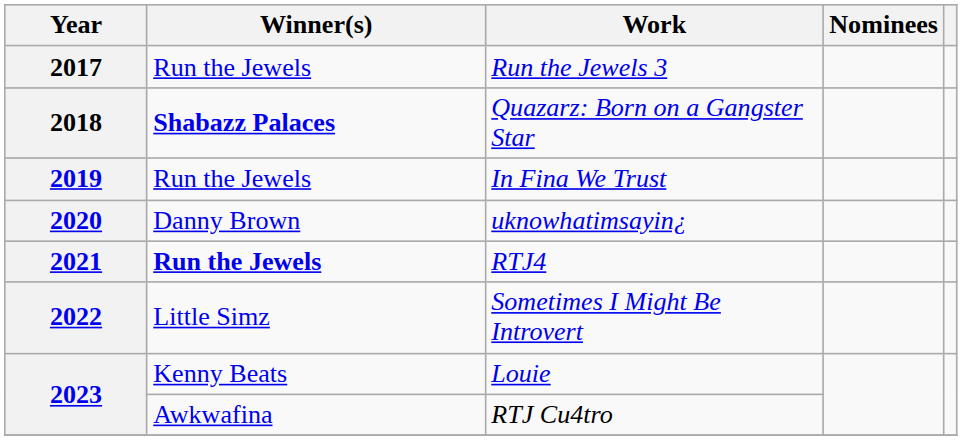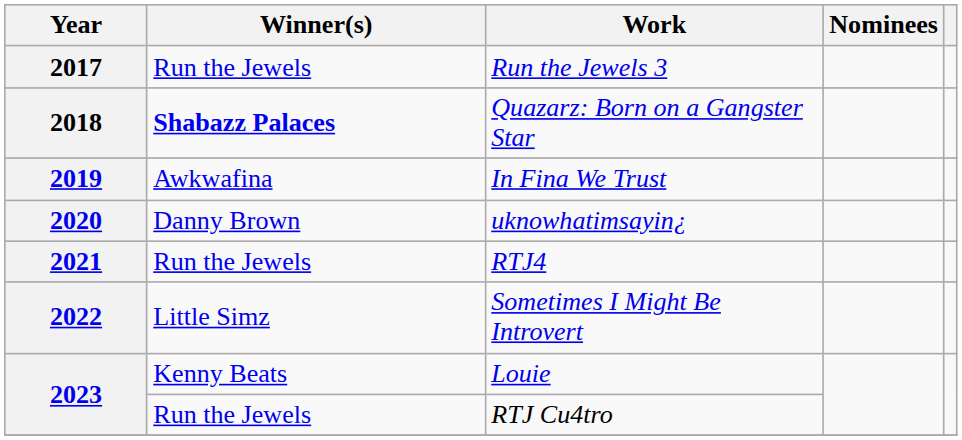 <table class="wikitable sortable">
 <tr>
 <th scope="col" style="width:5em;">Year</th>
 <th scope="col" style="width:200px;">Winner(s)</th>
 <th scope="col" style="width:200px;">Work</th>
 <th scope="col" class="unsortable">Nominees</th>
 <th scope="col" class="unsortable"></th>
 </tr>
 <tr>
 <th scope="row">2017</th>
 <td><a href='#'>Run the Jewels</a></td>
 <td><em><a href='#'>Run the Jewels 3</a></em></td>
 <td></td>
 <td align="center"></td>
 </tr>
 <tr>
 <th scope="row">2018</th>
 <td><strong><a href='#'>Shabazz Palaces</a></strong></td>
 <td><em><a href='#'>Quazarz: Born on a Gangster Star</a></em></td>
 <td></td>
 <td align="center"></td>
 </tr>
 <tr>
 <th scope="row"><a href='#'>2019</a></th>
-<td><a href='#'>Run the Jewels</a></td>
+<td><a href='#'>Awkwafina</a></td>
 <td><em><a href='#'>In Fina We Trust</a></em></td>
 <td></td>
 <td align="center"></td>
 </tr>
 <tr>
 <th scope="row"><a href='#'>2020</a></th>
 <td><a href='#'>Danny Brown</a></td>
 <td><em><a href='#'>uknowhatimsayin¿</a></em></td>
 <td></td>
 <td align="center"></td>
 </tr>
 <tr>
 <th scope="row"><a href='#'>2021</a></th>
-<td><strong><a href='#'>Run the Jewels</a></strong></td>
+<td><a href='#'>Run the Jewels</a></td>
 <td><em><a href='#'>RTJ4</a></em></td>
 <td></td>
 <td align="center"></td>
 </tr>
 <tr>
 <th scope="row"><a href='#'>2022</a></th>
 <td><a href='#'>Little Simz</a></td>
 <td><em><a href='#'>Sometimes I Might Be Introvert</a></em></td>
 <td></td>
 <td align="center"></td>
 </tr>
 <tr>
 <th scope="row" rowspan="2"><a href='#'>2023</a></th>
 <td><a href='#'>Kenny Beats</a></td>
 <td><em><a href='#'>Louie</a></em></td>
 <td rowspan="2"></td>
 <td align="center" rowspan="2"><br></td>
 </tr>
 <tr>
-<td><a href='#'>Awkwafina</a></td>
+<td><a href='#'>Run the Jewels</a></td>
 <td><em>RTJ Cu4tro</em></td>
 </tr>
 <tr>
 </tr>
 </table>
